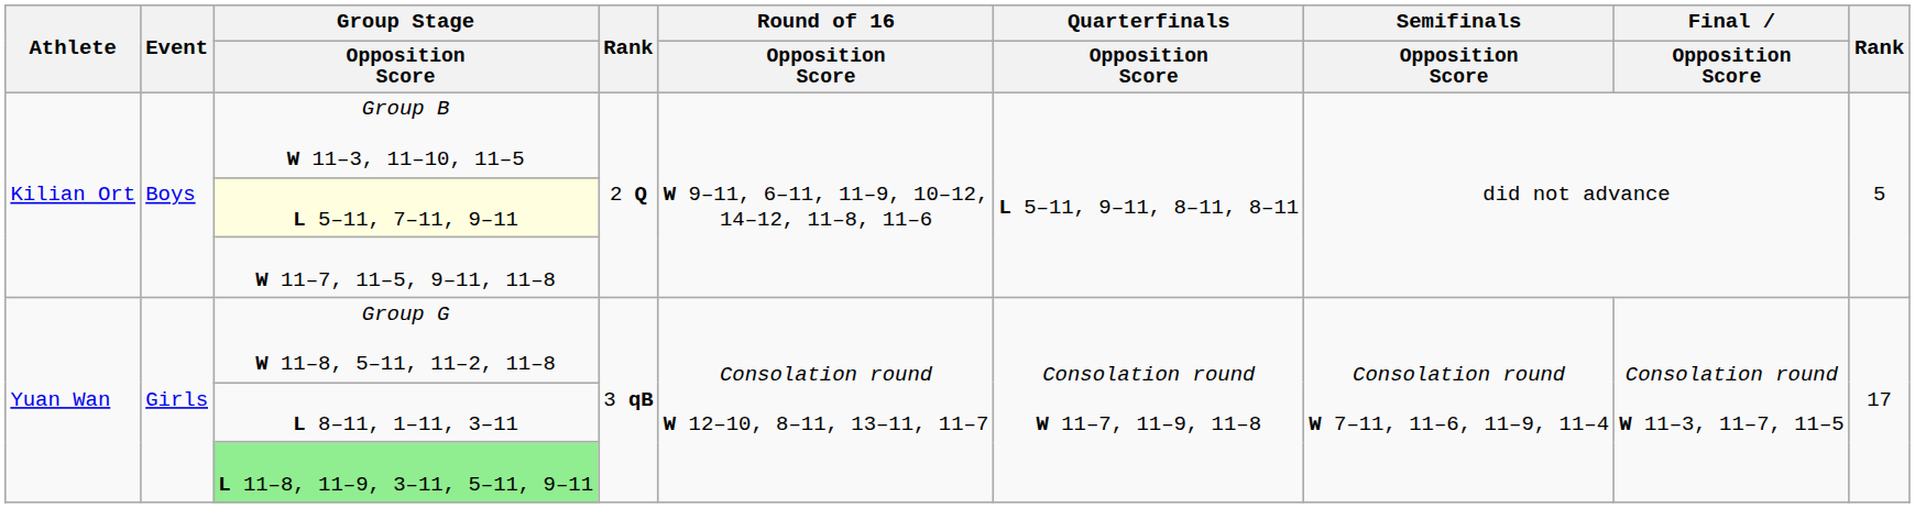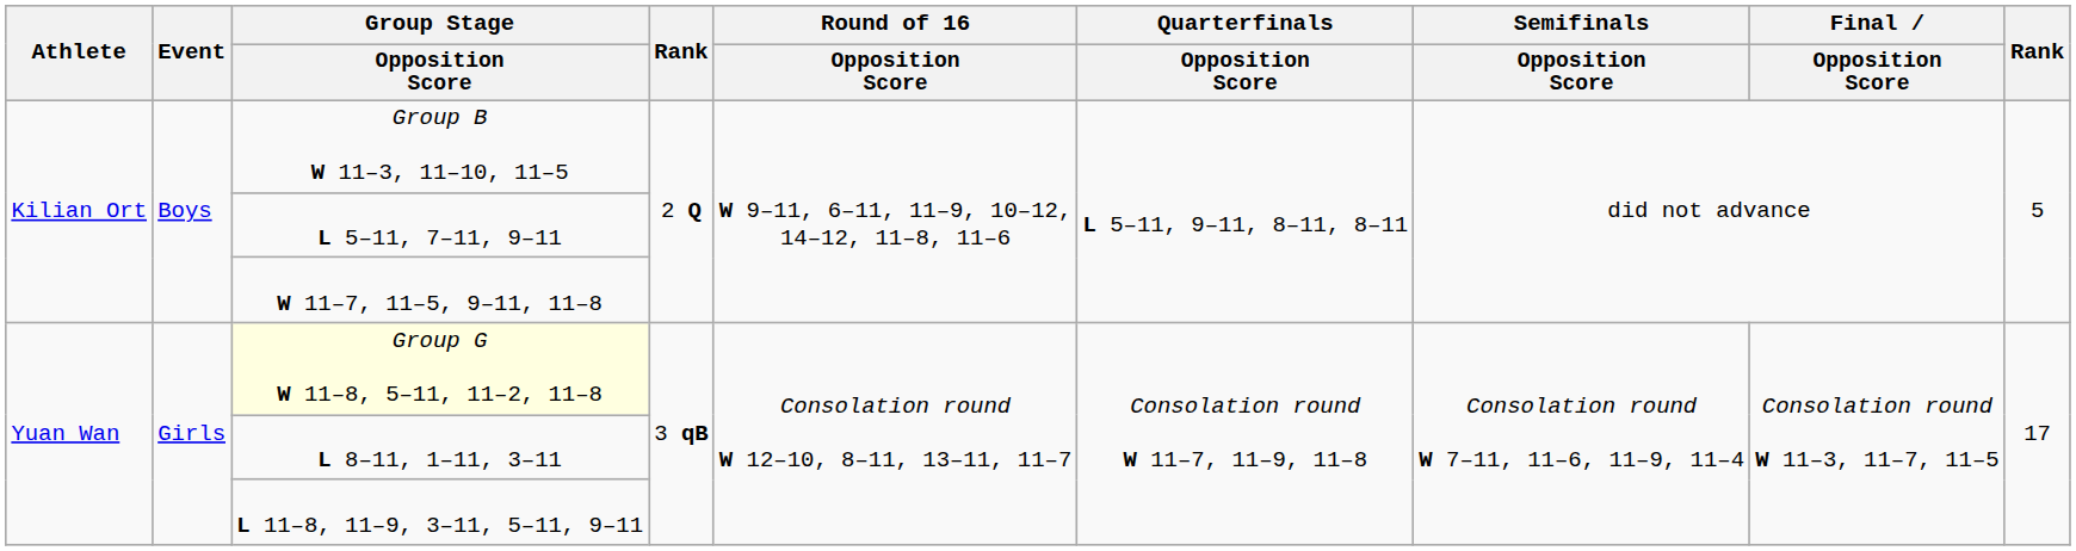 <table class=wikitable style="font-size:90%">
 <tr>
 <th rowspan="2">Athlete</th>
 <th rowspan="2">Event</th>
 <th>Group Stage</th>
 <th rowspan="2">Rank</th>
 <th>Round of 16</th>
 <th>Quarterfinals</th>
 <th>Semifinals</th>
 <th>Final / </th>
 <th rowspan=2>Rank</th>
 </tr>
 <tr style="font-size:95%">
 <th>Opposition<br>Score</th>
 <th>Opposition<br>Score</th>
 <th>Opposition<br>Score</th>
 <th>Opposition<br>Score</th>
 <th>Opposition<br>Score</th>
 </tr>
 <tr align=center>
 <td align=left rowspan=3><a href='#'>Kilian Ort</a></td>
 <td align=left rowspan=3><a href='#'>Boys</a></td>
 <td><em>Group B</em><br><br><strong>W</strong> 11–3, 11–10, 11–5</td>
 <td rowspan=3>2 <strong>Q</strong></td>
 <td rowspan=3><br><strong>W</strong> 9–11, 6–11, 11–9, 10–12,<br>14–12, 11–8, 11–6</td>
 <td rowspan=3><br><strong>L</strong> 5–11, 9–11, 8–11, 8–11</td>
 <td rowspan=3 colspan=2>did not advance</td>
 <td rowspan=3>5</td>
 </tr>
 <tr align=center>
-<td style="background: lightyellow;"><br><strong>L</strong> 5–11, 7–11, 9–11</td>
+<td><br><strong>L</strong> 5–11, 7–11, 9–11</td>
 </tr>
 <tr align=center>
 <td><br><strong>W</strong> 11–7, 11–5, 9–11, 11–8</td>
 </tr>
 <tr align=center>
 <td align=left rowspan=3><a href='#'>Yuan Wan</a></td>
 <td align=left rowspan=3><a href='#'>Girls</a></td>
-<td><em>Group G</em><br><br><strong>W</strong> 11–8, 5–11, 11–2, 11–8</td>
+<td style="background: lightyellow;"><em>Group G</em><br><br><strong>W</strong> 11–8, 5–11, 11–2, 11–8</td>
 <td rowspan=3>3 <strong>qB</strong></td>
 <td rowspan=3><em>Consolation round</em><br><br><strong>W</strong> 12–10, 8–11, 13–11, 11–7</td>
 <td rowspan=3><em>Consolation round</em><br><br><strong>W</strong> 11–7, 11–9, 11–8</td>
 <td rowspan=3><em>Consolation round</em><br><br><strong>W</strong> 7–11, 11–6, 11–9, 11–4</td>
 <td rowspan=3><em>Consolation round</em><br><br><strong>W</strong> 11–3, 11–7, 11–5</td>
 <td rowspan=3>17</td>
 </tr>
 <tr align=center>
 <td><br><strong>L</strong> 8–11, 1–11, 3–11</td>
 </tr>
 <tr align=center>
-<td style="background: lightgreen;"><br><strong>L</strong> 11–8, 11–9, 3–11, 5–11, 9–11</td>
+<td><br><strong>L</strong> 11–8, 11–9, 3–11, 5–11, 9–11</td>
 </tr>
 </table>
